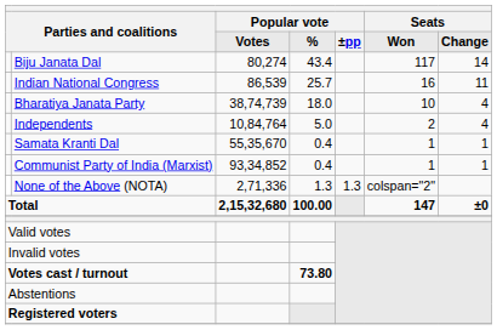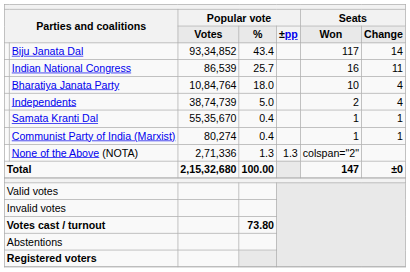 <table class="wikitable" style="text-align:right; font-size:95%;">
 <tr>
 <th colspan=10></th>
 </tr>
 <tr>
 <th colspan="2" rowspan="2"><strong>Parties and coalitions</strong></th>
 <th colspan="3">Popular vote</th>
 <th colspan="2">Seats</th>
 </tr>
 <tr>
 <th style="background-color:#E9E9E9">Votes</th>
 <th style="background-color:#E9E9E9">%</th>
 <th><strong>±</strong><a href='#'>pp</a></th>
 <th style="background-color:#E9E9E9">Won</th>
 <th style="background-color:#E9E9E9">Change</th>
 </tr>
 <tr>
 <td></td>
 <td align="left"><a href='#'>Biju Janata Dal</a></td>
-<td>80,274</td>
+<td>93,34,852</td>
 <td>43.4</td>
 <td></td>
 <td>117</td>
 <td> 14</td>
 </tr>
 <tr>
 <td></td>
 <td align="left"><a href='#'>Indian National Congress</a></td>
 <td>86,539</td>
 <td>25.7</td>
 <td></td>
 <td>16</td>
 <td> 11</td>
 </tr>
 <tr>
 <td></td>
 <td align="left"><a href='#'>Bharatiya Janata Party</a></td>
-<td>38,74,739</td>
+<td>10,84,764</td>
 <td>18.0</td>
 <td></td>
 <td>10</td>
 <td> 4</td>
 </tr>
 <tr>
 <td></td>
 <td align="left"><a href='#'>Independents</a></td>
-<td>10,84,764</td>
+<td>38,74,739</td>
 <td>5.0</td>
 <td></td>
 <td>2</td>
 <td> 4</td>
 </tr>
 <tr>
 <td></td>
 <td align="left"><a href='#'>Samata Kranti Dal</a></td>
 <td>55,35,670</td>
 <td>0.4</td>
 <td></td>
 <td>1</td>
 <td> 1</td>
 </tr>
 <tr>
 <td></td>
 <td align="left"><a href='#'>Communist Party of India (Marxist)</a></td>
-<td>93,34,852</td>
+<td>80,274</td>
 <td>0.4</td>
 <td></td>
 <td>1</td>
 <td> 1</td>
 </tr>
 <tr>
 <td bgcolor=white></td>
 <td align="left"><a href='#'>None of the Above</a> (NOTA)</td>
 <td>2,71,336</td>
 <td>1.3</td>
 <td>1.3</td>
 <td>colspan="2" </td>
 </tr>
 <tr>
 <td colspan="2" align="left"><strong>Total</strong></td>
 <td><strong>2,15,32,680</strong></td>
 <td><strong>100.00</strong></td>
 <td bgcolor="#E9E9E9"></td>
 <td><strong>147</strong></td>
 <td><strong>±0</strong></td>
 </tr>
 <tr>
 </tr>
 <tr>
 <th colspan="8"></th>
 </tr>
 <tr>
 <td style="text-align:left;" colspan="2">Valid votes</td>
 <td align="right"></td>
 <td align="right"></td>
 <td colspan="4" rowspan="5" style="background-color:#E9E9E9"></td>
 </tr>
 <tr>
 <td style="text-align:left;" colspan="2">Invalid votes</td>
 <td align="right"></td>
 <td align="right"></td>
 </tr>
 <tr>
 <td style="text-align:left;" colspan="2"><strong>Votes cast / turnout</strong></td>
 <td align="right"><strong> </strong></td>
 <td align="right"><strong>73.80</strong></td>
 </tr>
 <tr>
 <td style="text-align:left;" colspan="2">Abstentions</td>
 <td align="right"></td>
 <td align="right"></td>
 </tr>
 <tr>
 <td style="text-align:left;" colspan="2"><strong>Registered voters</strong></td>
 <td align="right"></td>
 <td colspan="1" style="background-color:#E9E9E9"></td>
 </tr>
 <tr>
 </tr>
 </table>
